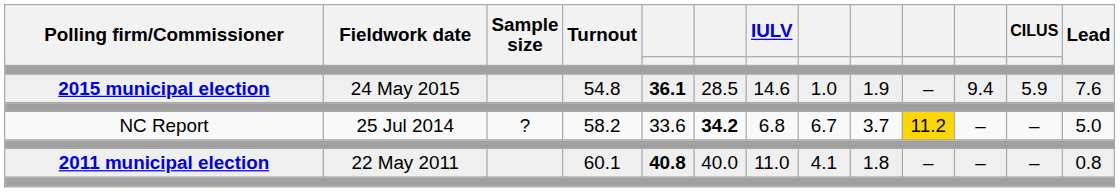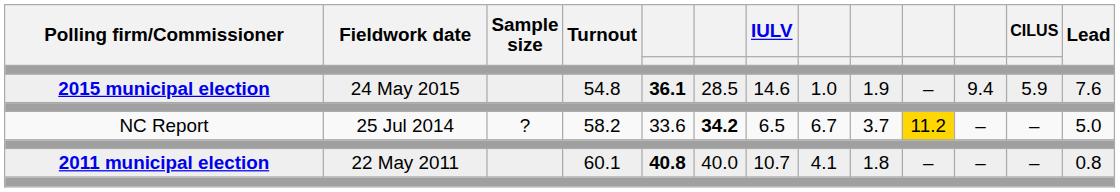 <table class="wikitable collapsible collapsed" style="text-align:center; font-size:95%; line-height:16px;">
 <tr style="height:42px;">
 <th style="width:250px;" rowspan="2">Polling firm/Commissioner</th>
 <th style="width:125px;" rowspan="2">Fieldwork date</th>
 <th style="width:50px;" rowspan="2">Sample size</th>
 <th style="width:45px;" rowspan="2">Turnout</th>
 <th style="width:35px;"></th>
 <th style="width:35px;"></th>
 <th style="width:35px;"><a href='#'>IULV</a></th>
 <th style="width:35px;"></th>
 <th style="width:35px;"></th>
 <th style="width:35px;"></th>
 <th style="width:35px;"></th>
 <th style="width:35px; font-size:85%;">CILUS</th>
 <th style="width:30px;" rowspan="2">Lead</th>
 </tr>
 <tr>
 <th style="color:inherit;background:"></th>
 <th style="color:inherit;background:"></th>
 <th style="color:inherit;background:"></th>
 <th style="color:inherit;background:"></th>
 <th style="color:inherit;background:"></th>
 <th style="color:inherit;background:"></th>
 <th style="color:inherit;background:"></th>
 <th style="color:inherit;background:"></th>
 </tr>
 <tr>
 <td colspan="13" style="background:#A0A0A0"></td>
 </tr>
 <tr style="background:#EFEFEF;">
 <td><strong><a href='#'>2015 municipal election</a></strong></td>
 <td>24 May 2015</td>
 <td></td>
 <td>54.8</td>
 <td><strong>36.1</strong><br></td>
 <td>28.5<br></td>
 <td>14.6<br></td>
 <td>1.0<br></td>
 <td>1.9<br></td>
 <td>–</td>
 <td>9.4<br></td>
 <td>5.9<br></td>
 <td style="background:">7.6</td>
 </tr>
 <tr>
 <td colspan="13" style="background:#A0A0A0"></td>
 </tr>
 <tr>
 <td>NC Report</td>
 <td>25 Jul 2014</td>
 <td>?</td>
 <td>58.2</td>
 <td>33.6<br></td>
 <td><strong>34.2</strong><br></td>
-<td>6.8<br></td>
+<td>6.5<br></td>
 <td>6.7<br></td>
 <td>3.7<br></td>
 <td style="background: gold;">11.2<br></td>
 <td>–</td>
 <td>–</td>
 <td style="background:">5.0</td>
 </tr>
 <tr>
 <td colspan="13" style="background:#A0A0A0"></td>
 </tr>
 <tr style="background:#EFEFEF;">
 <td><strong><a href='#'>2011 municipal election</a></strong></td>
 <td>22 May 2011</td>
 <td></td>
 <td>60.1</td>
 <td><strong>40.8</strong><br></td>
 <td>40.0<br></td>
-<td>11.0<br></td>
+<td>10.7<br></td>
 <td>4.1<br></td>
 <td>1.8<br></td>
 <td>–</td>
 <td>–</td>
 <td>–</td>
 <td style="background:">0.8</td>
 </tr>
 <tr>
 <td colspan="13" style="background:#A0A0A0"></td>
 </tr>
 </table>
